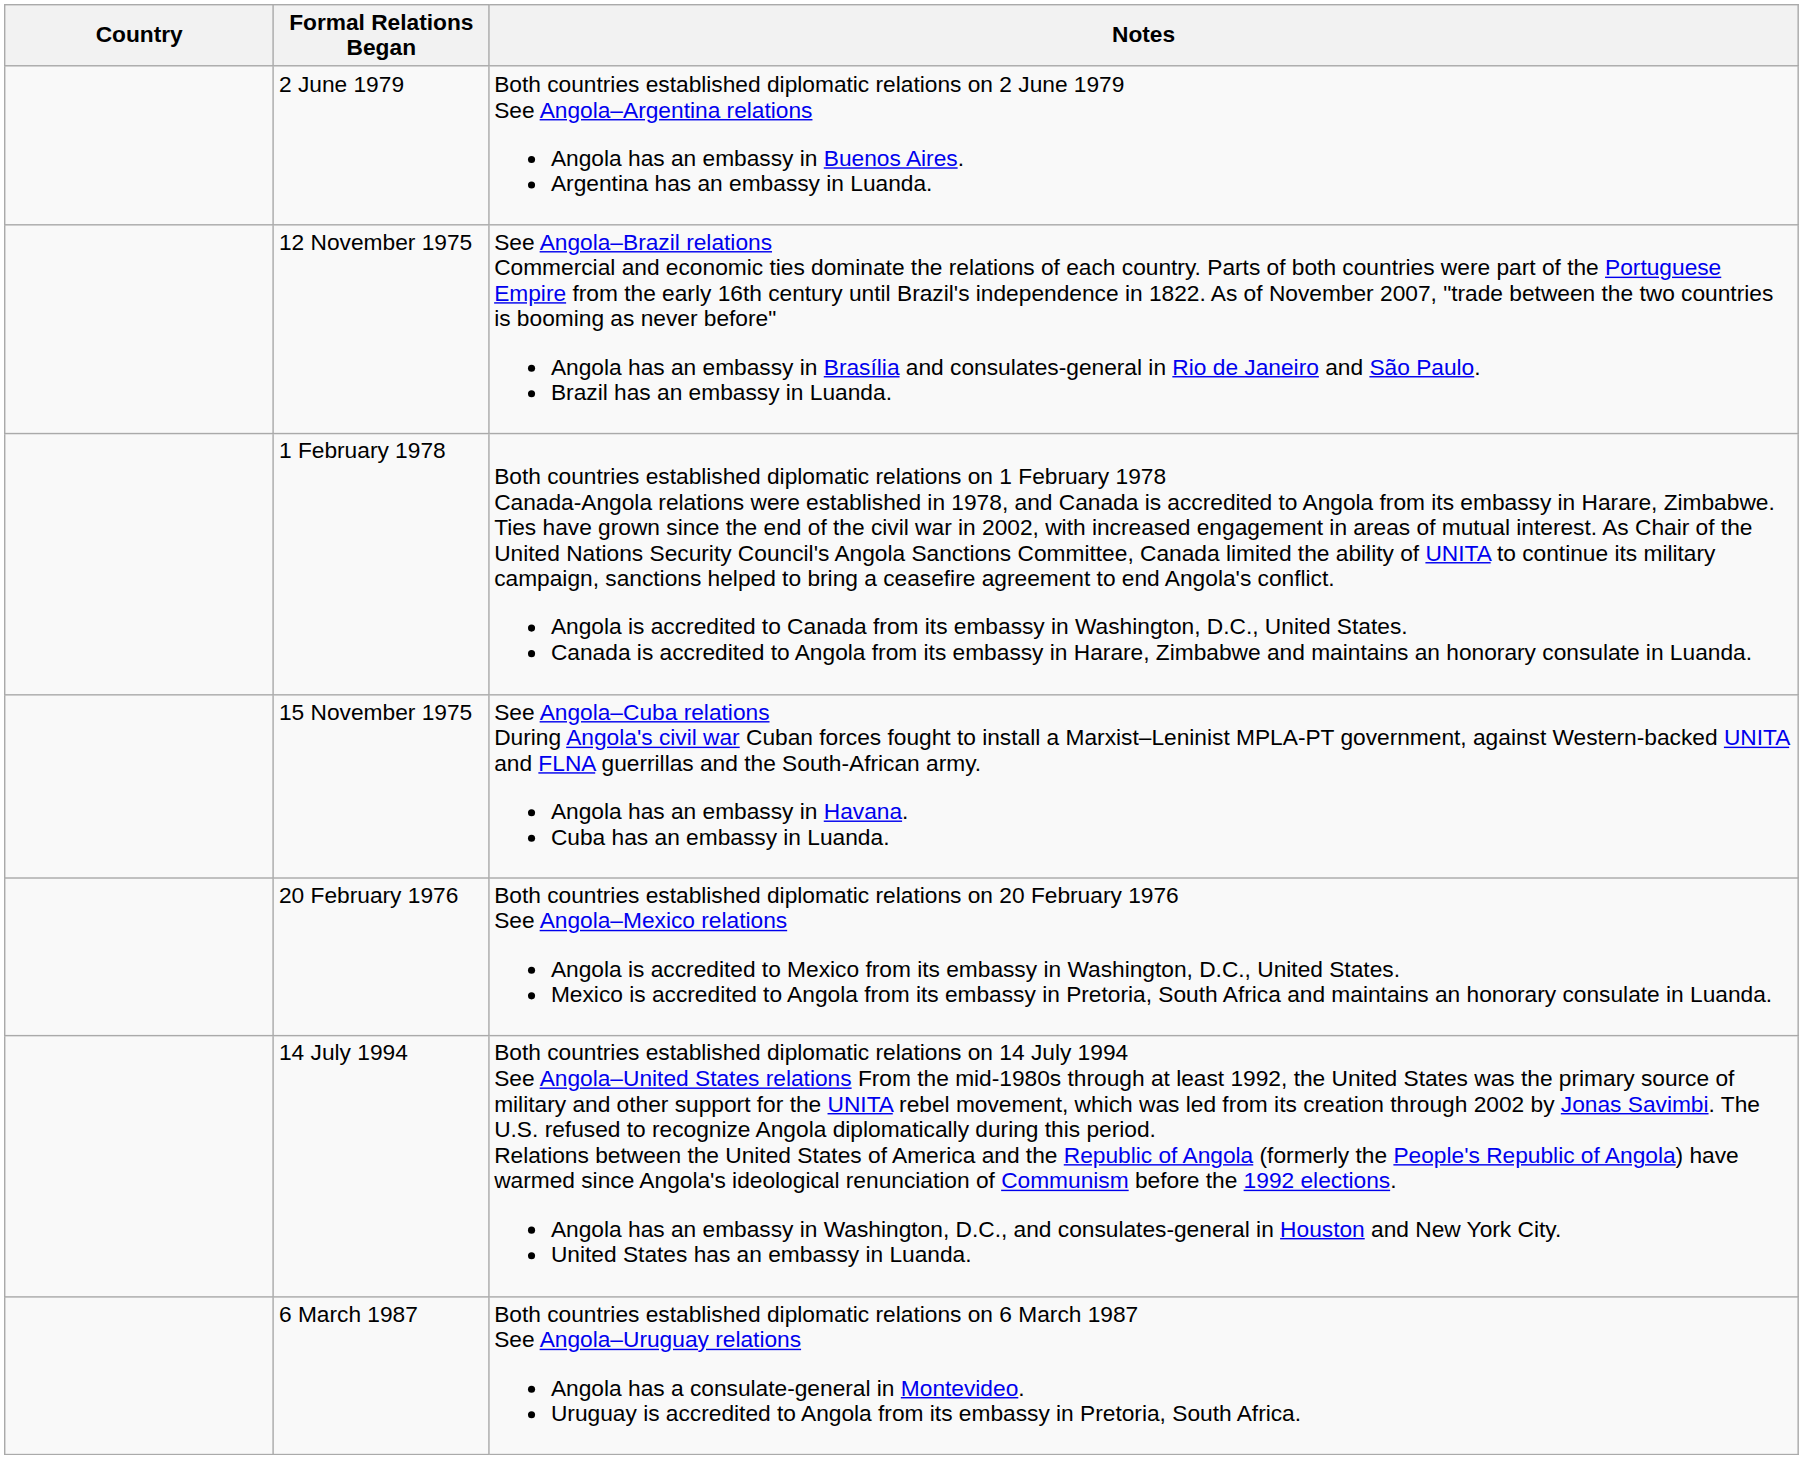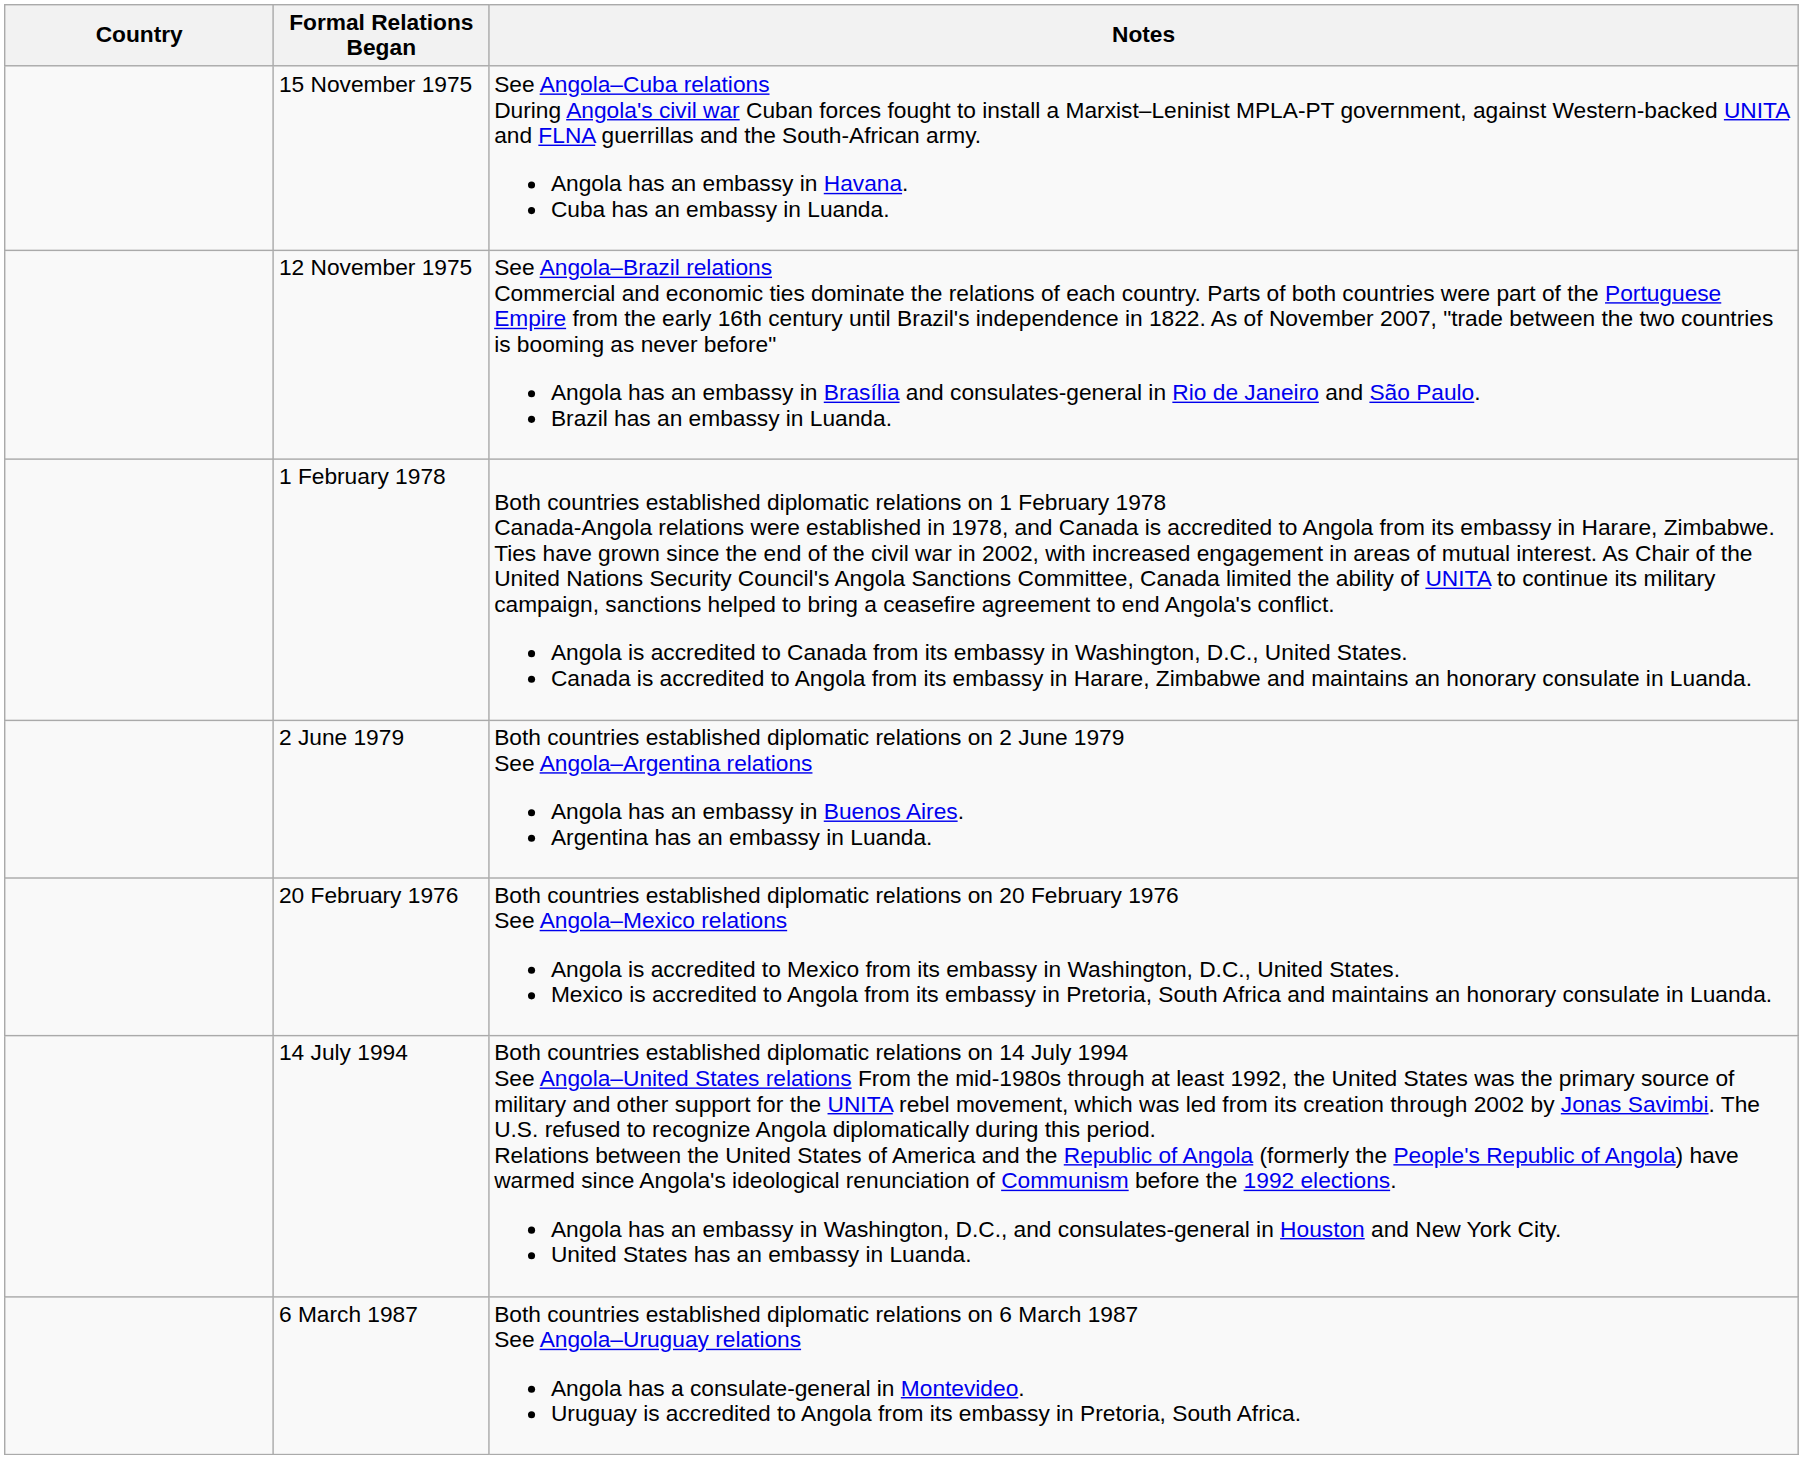 <table class="wikitable sortable" style="width:100%; margin:auto;">
 <tr>
 <th style="width:15%;">Country</th>
 <th style="width:12%;">Formal Relations Began</th>
 <th>Notes</th>
 </tr>
 <tr valign="top">
 <td></td>
-<td>2 June 1979</td>
-<td>Both countries established diplomatic relations on 2 June 1979<br>See <a href='#'>Angola–Argentina relations</a><ul><li>Angola has an embassy in <a href='#'>Buenos Aires</a>.</li><li>Argentina has an embassy in Luanda.</li></ul></td>
+<td>15 November 1975</td>
+<td>See <a href='#'>Angola–Cuba relations</a><br>During <a href='#'>Angola's civil war</a> Cuban forces fought to install a Marxist–Leninist MPLA-PT government, against Western-backed <a href='#'>UNITA</a> and <a href='#'>FLNA</a> guerrillas and the South-African army.<ul><li>Angola has an embassy in <a href='#'>Havana</a>.</li><li>Cuba has an embassy in Luanda.</li></ul></td>
 </tr>
 <tr valign="top">
 <td></td>
 <td>12 November 1975</td>
 <td>See <a href='#'>Angola–Brazil relations</a><br>Commercial and economic ties dominate the relations of each country. Parts of both countries were part of the <a href='#'>Portuguese Empire</a> from the early 16th century until Brazil's independence in 1822. As of November 2007, "trade between the two countries is booming as never before"<ul><li>Angola has an embassy in <a href='#'>Brasília</a> and consulates-general in <a href='#'>Rio de Janeiro</a> and <a href='#'>São Paulo</a>.</li><li>Brazil has an embassy in Luanda.</li></ul></td>
 </tr>
 <tr valign="top">
 <td></td>
 <td>1 February 1978</td>
 <td><br>Both countries established diplomatic relations on 1 February 1978<br>Canada-Angola relations were established in 1978, and Canada is accredited to Angola from its embassy in Harare, Zimbabwe. Ties have grown since the end of the civil war in 2002, with increased engagement in areas of mutual interest. As Chair of the United Nations Security Council's Angola Sanctions Committee, Canada limited the ability of <a href='#'>UNITA</a> to continue its military campaign, sanctions helped to bring a ceasefire agreement to end Angola's conflict.<ul><li>Angola is accredited to Canada from its embassy in Washington, D.C., United States.</li><li>Canada is accredited to Angola from its embassy in Harare, Zimbabwe and maintains an honorary consulate in Luanda.</li></ul></td>
 </tr>
 <tr valign="top">
 <td></td>
-<td>15 November 1975</td>
-<td>See <a href='#'>Angola–Cuba relations</a><br>During <a href='#'>Angola's civil war</a> Cuban forces fought to install a Marxist–Leninist MPLA-PT government, against Western-backed <a href='#'>UNITA</a> and <a href='#'>FLNA</a> guerrillas and the South-African army.<ul><li>Angola has an embassy in <a href='#'>Havana</a>.</li><li>Cuba has an embassy in Luanda.</li></ul></td>
+<td>2 June 1979</td>
+<td>Both countries established diplomatic relations on 2 June 1979<br>See <a href='#'>Angola–Argentina relations</a><ul><li>Angola has an embassy in <a href='#'>Buenos Aires</a>.</li><li>Argentina has an embassy in Luanda.</li></ul></td>
 </tr>
 <tr valign="top">
 <td></td>
 <td>20 February 1976</td>
 <td>Both countries established diplomatic relations on 20 February 1976<br>See <a href='#'>Angola–Mexico relations</a><ul><li>Angola is accredited to Mexico from its embassy in Washington, D.C., United States.</li><li>Mexico is accredited to Angola from its embassy in Pretoria, South Africa and maintains an honorary consulate in Luanda.</li></ul></td>
 </tr>
 <tr valign="top">
 <td></td>
 <td>14 July 1994</td>
 <td>Both countries established diplomatic relations on 14 July 1994<br>See <a href='#'>Angola–United States relations</a>  From the mid-1980s through at least 1992, the United States was the primary source of military and other support for the <a href='#'>UNITA</a> rebel movement, which was led from its creation through 2002 by <a href='#'>Jonas Savimbi</a>.  The U.S. refused to recognize Angola diplomatically during this period.<br>Relations between the United States of America and the <a href='#'>Republic of Angola</a> (formerly the <a href='#'>People's Republic of Angola</a>) have warmed since Angola's ideological renunciation of <a href='#'>Communism</a> before the <a href='#'>1992 elections</a>.<ul><li>Angola has an embassy in Washington, D.C., and consulates-general in <a href='#'>Houston</a> and New York City.</li><li>United States has an embassy in Luanda.</li></ul></td>
 </tr>
 <tr valign="top">
 <td></td>
 <td>6 March 1987</td>
 <td>Both countries established diplomatic relations on 6 March 1987<br>See <a href='#'>Angola–Uruguay relations</a><ul><li>Angola has a consulate-general in <a href='#'>Montevideo</a>.</li><li>Uruguay is accredited to Angola from its embassy in Pretoria, South Africa.</li></ul></td>
 </tr>
 </table>
